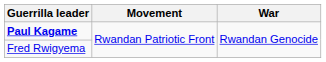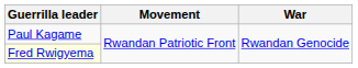 <table class="wikitable">
 <tr>
 <th>Guerrilla leader</th>
 <th>Movement</th>
 <th>War</th>
 </tr>
 <tr>
-<td><strong><a href='#'>Paul Kagame</a></strong></td>
+<td><a href='#'>Paul Kagame</a></td>
 <td rowspan="2"><a href='#'>Rwandan Patriotic Front</a></td>
 <td rowspan="2"><a href='#'>Rwandan Genocide</a></td>
 </tr>
 <tr>
-<td><a href='#'>Fred Rwigyema</a></td>
+<td style="background: lightyellow;"><a href='#'>Fred Rwigyema</a></td>
 </tr>
 </table>
